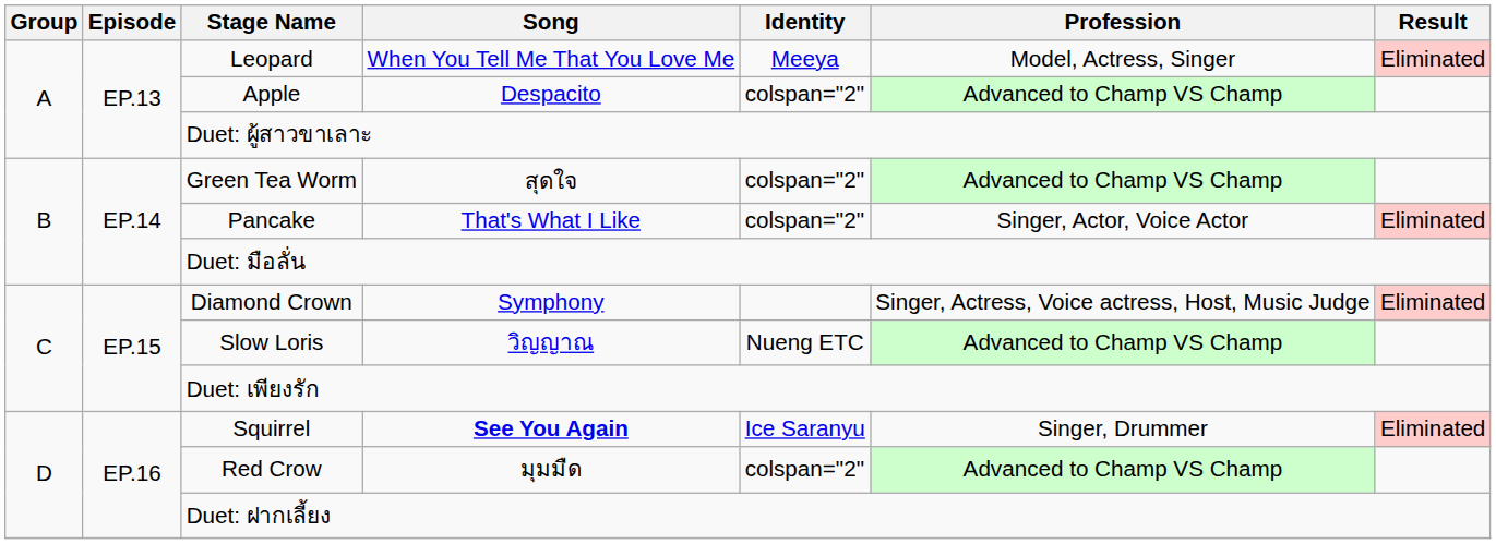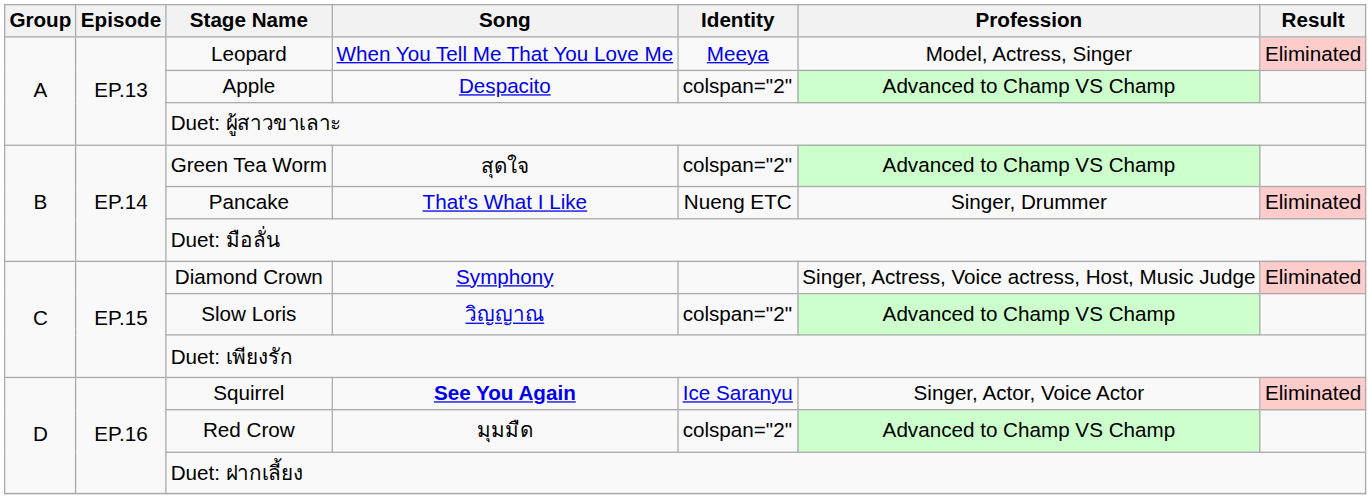 <table class="wikitable">
 <tr>
 <th>Group</th>
 <th>Episode</th>
 <th>Stage Name</th>
 <th>Song</th>
 <th>Identity</th>
 <th>Profession</th>
 <th>Result</th>
 </tr>
 <tr>
 <td align="center" rowspan="3">A</td>
 <td rowspan="3" align="center">EP.13</td>
 <td align="center">Leopard</td>
 <td align="center"><a href='#'>When You Tell Me That You Love Me</a></td>
 <td align="center"><a href='#'>Meeya</a></td>
 <td align="center">Model, Actress, Singer</td>
 <td style="text-align:center; background:#ffcccc;">Eliminated</td>
 </tr>
 <tr>
 <td align="center">Apple</td>
 <td align="center"><a href='#'>Despacito</a></td>
 <td>colspan="2"  </td>
 <td style="text-align:center; background:#ccffcc;">Advanced to Champ VS Champ</td>
 </tr>
 <tr>
 <td colspan="5">Duet: ผู้สาวขาเลาะ</td>
 </tr>
 <tr>
 <td align="center" rowspan="3">B</td>
 <td rowspan="3" align="center">EP.14</td>
 <td align="center">Green Tea Worm</td>
 <td align="center">สุดใจ</td>
 <td>colspan="2"  </td>
 <td style="text-align:center; background:#ccffcc;">Advanced to Champ VS Champ</td>
 </tr>
 <tr>
 <td align="center">Pancake</td>
 <td align="center"><a href='#'>That's What I Like</a></td>
-<td>colspan="2"  </td>
-<td align="center">Singer, Actor, Voice Actor</td>
+<td align="center">Nueng ETC</td>
+<td align="center">Singer, Drummer</td>
 <td style="text-align:center; background:#ffcccc;">Eliminated</td>
 </tr>
 <tr>
 <td colspan="5">Duet: มือลั่น</td>
 </tr>
 <tr>
 <td align="center" rowspan="3">C</td>
 <td rowspan="3" align="center">EP.15</td>
 <td align="center">Diamond Crown</td>
 <td align="center"><a href='#'>Symphony</a></td>
 <td align="center"></td>
 <td align="center">Singer, Actress, Voice actress, Host, Music Judge</td>
 <td style="text-align:center; background:#ffcccc;">Eliminated</td>
 </tr>
 <tr>
 <td align="center">Slow Loris</td>
 <td align="center"><a href='#'>วิญญาณ</a></td>
-<td align="center">Nueng ETC</td>
+<td>colspan="2"  </td>
 <td style="text-align:center; background:#ccffcc;">Advanced to Champ VS Champ</td>
 </tr>
 <tr>
 <td colspan="5">Duet: เพียงรัก</td>
 </tr>
 <tr>
 <td align="center" rowspan="3">D</td>
 <td rowspan="3" align="center">EP.16</td>
 <td align="center">Squirrel</td>
 <td align="center"><strong><a href='#'>See You Again</a></strong></td>
 <td align="center"><a href='#'>Ice Saranyu</a></td>
-<td align="center">Singer, Drummer</td>
+<td align="center">Singer, Actor, Voice Actor</td>
 <td style="text-align:center; background:#ffcccc;">Eliminated</td>
 </tr>
 <tr>
 <td align="center">Red Crow</td>
 <td align="center">มุมมืด</td>
 <td>colspan="2"  </td>
 <td style="text-align:center; background:#ccffcc;">Advanced to Champ VS Champ</td>
 </tr>
 <tr>
 <td colspan="5">Duet: ฝากเลี้ยง</td>
 </tr>
 <tr>
 </tr>
 </table>
